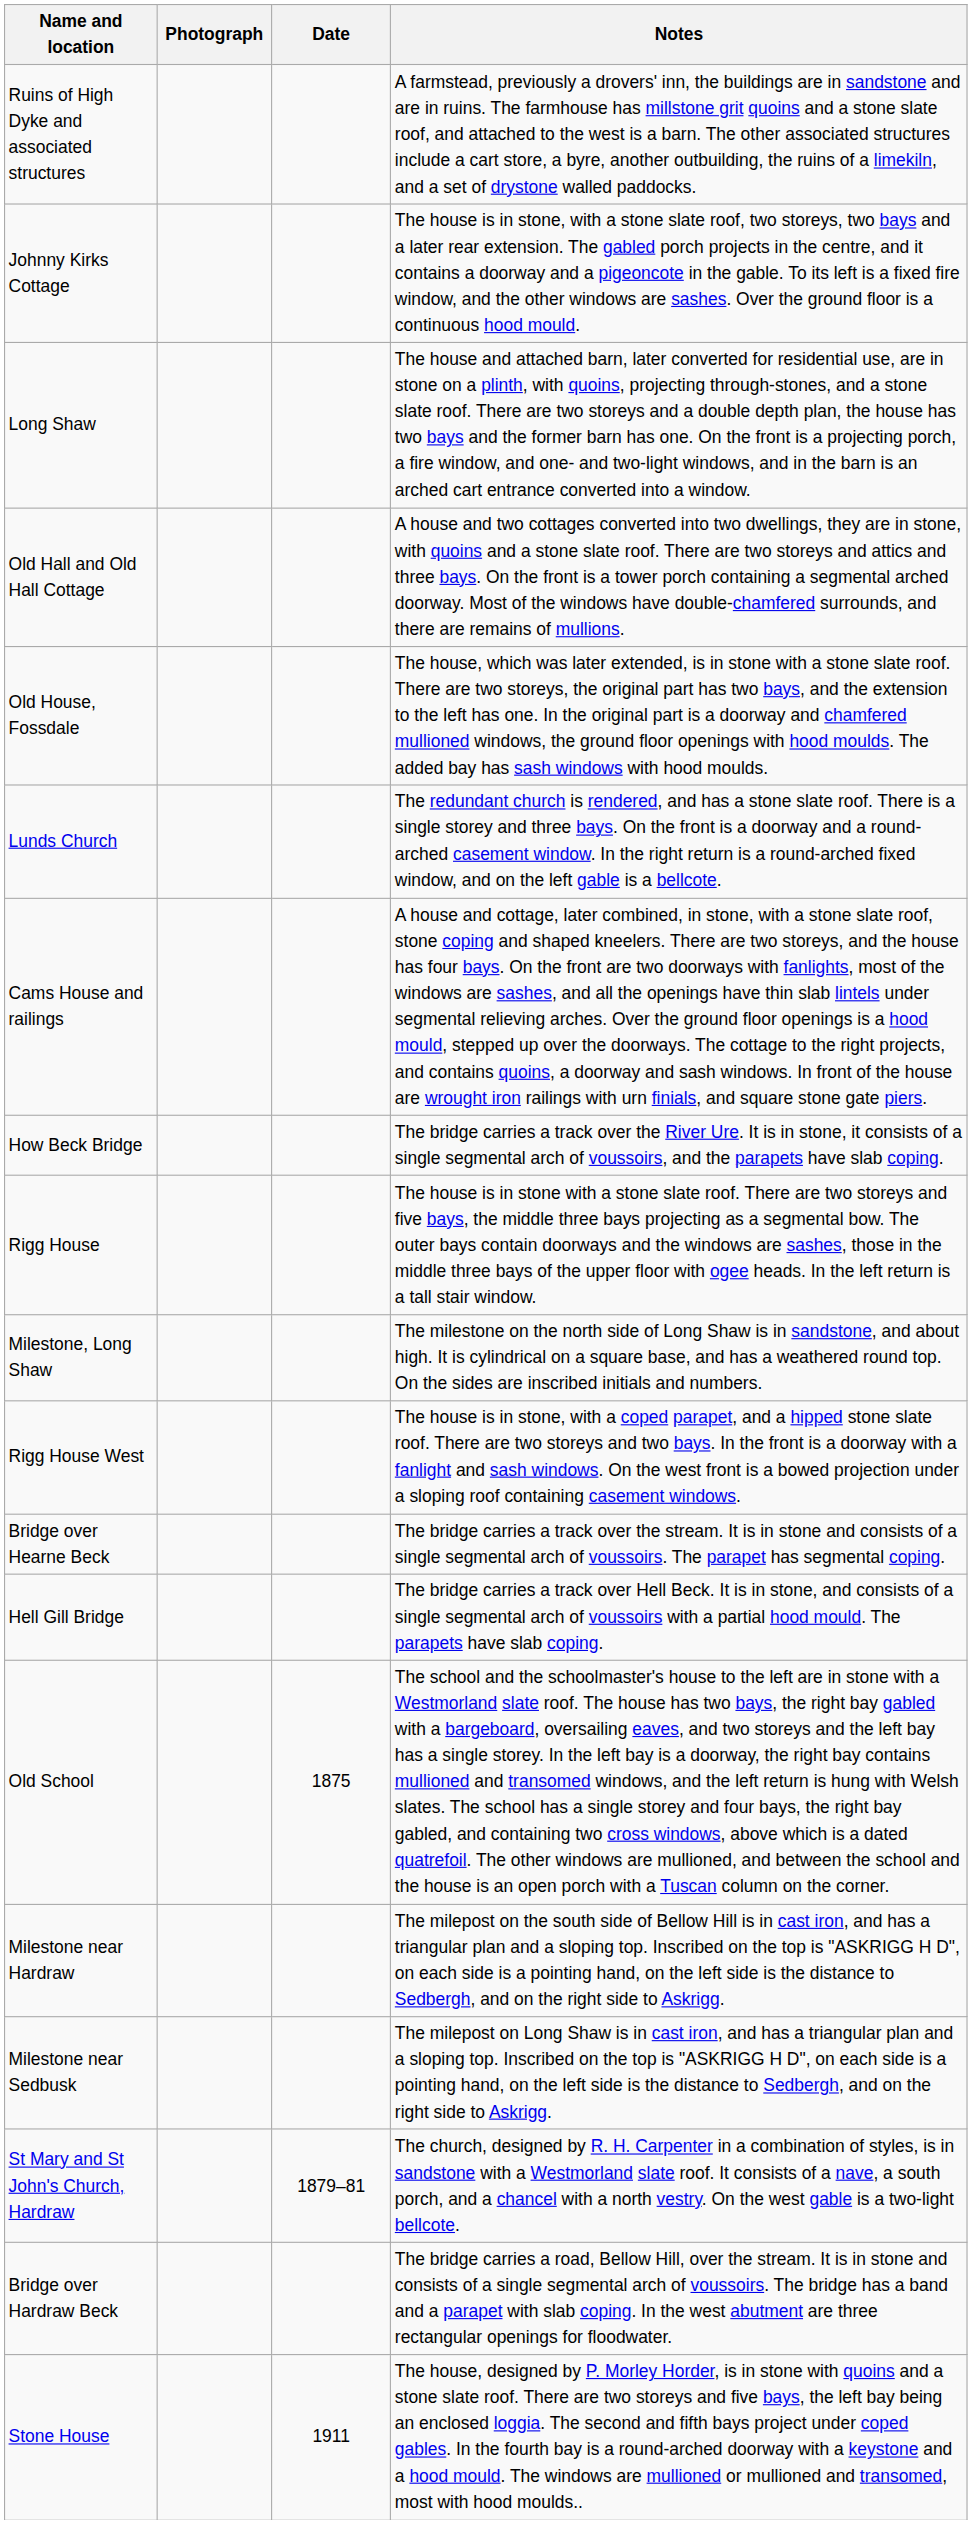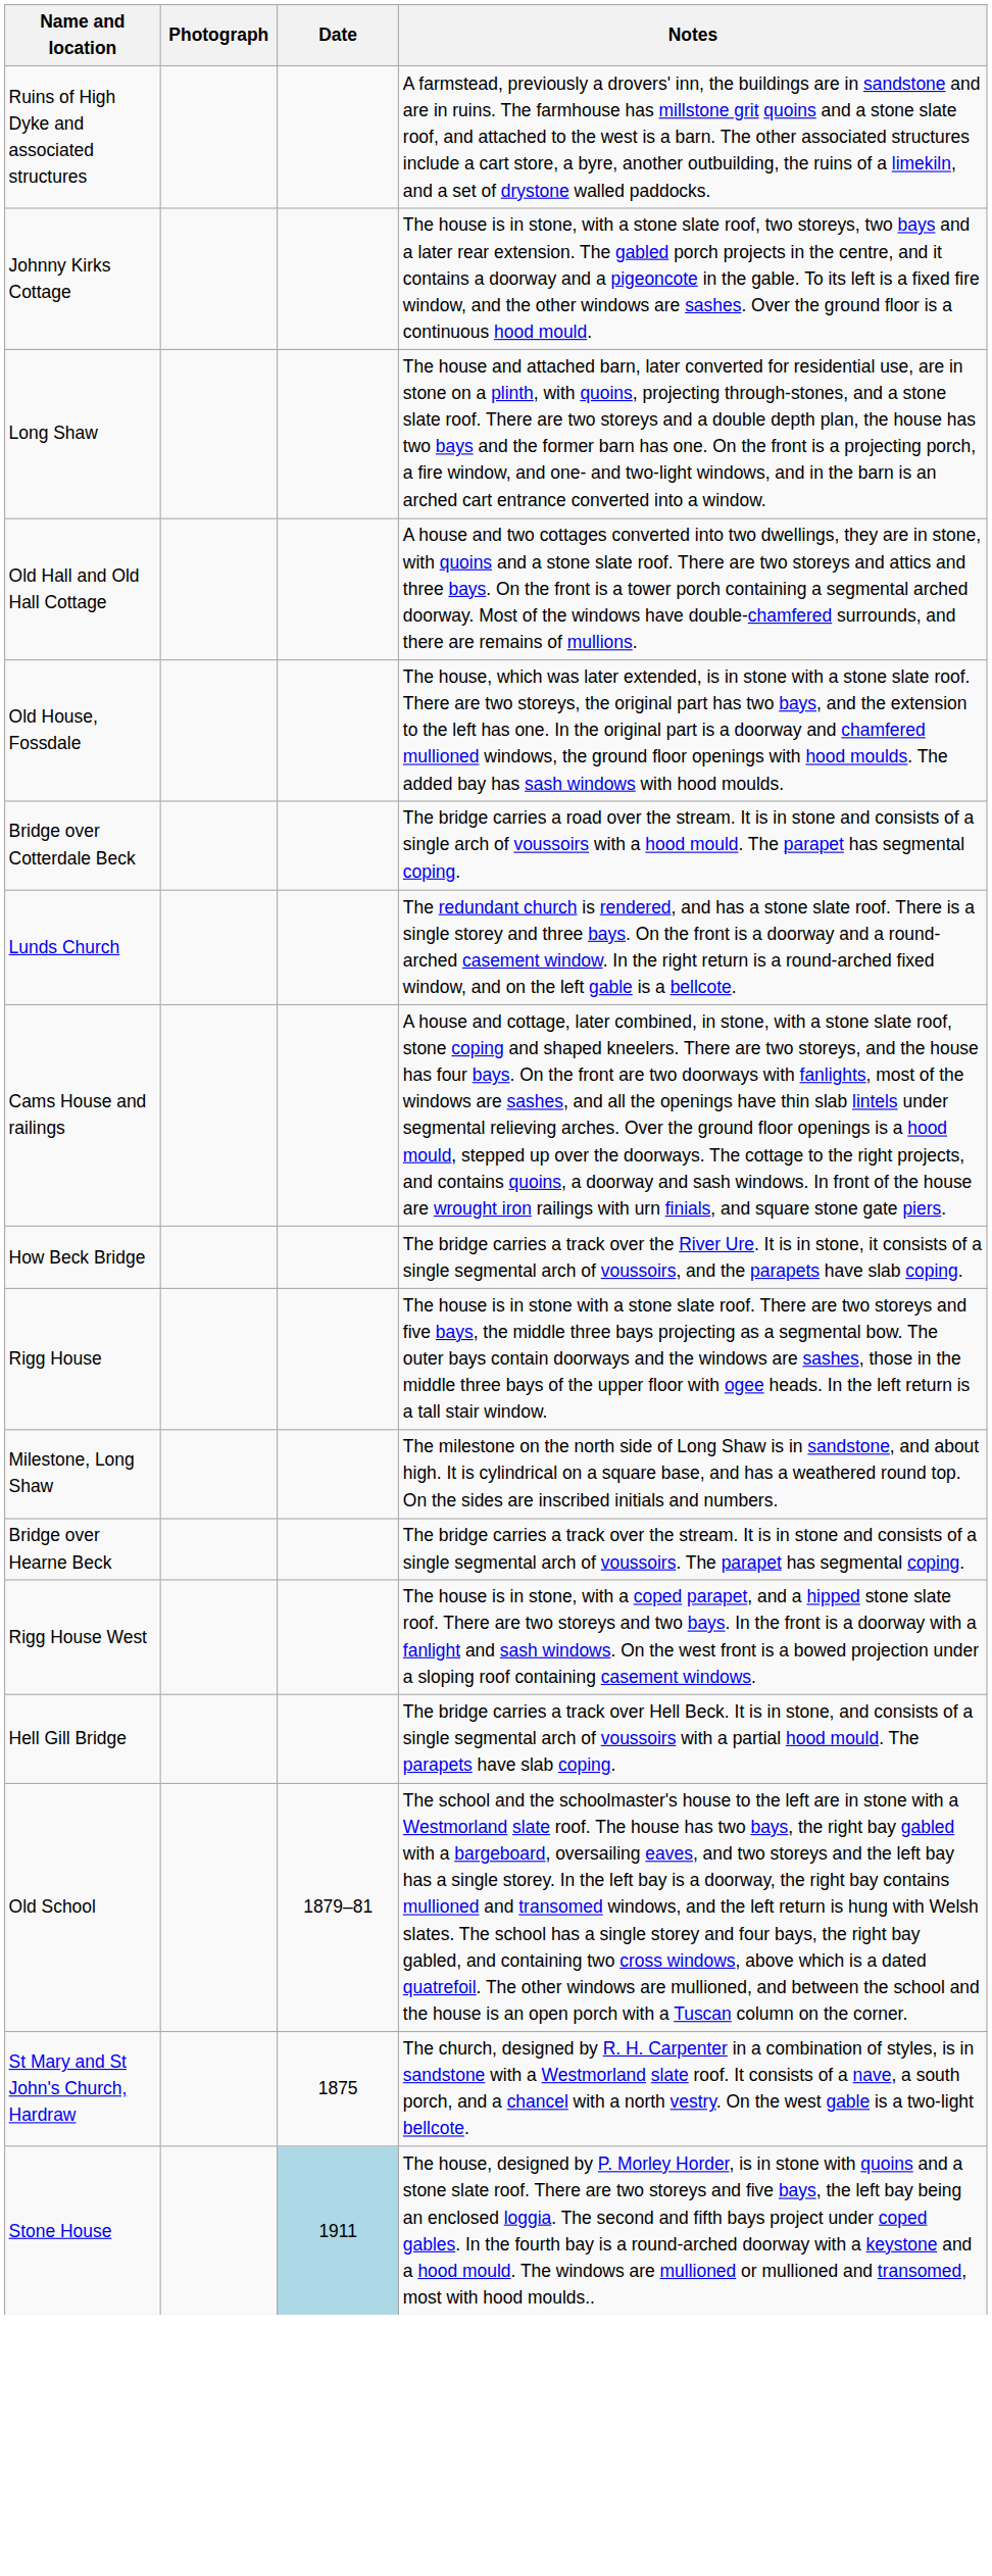 <table class="wikitable sortable plainrowheaders" style="width:100%;border:0px;text-align:left;line-height:150%;">
 <tr>
 <th scope="col"  style="width:150px">Name and location</th>
 <th scope="col"  style="width:100px" class="unsortable">Photograph</th>
 <th scope="col"  style="width:120px">Date</th>
 <th scope="col"  style="width:650px" class ="unsortable">Notes</th>
 </tr>
 <tr>
 <td>Ruins of High Dyke and associated structures<br><small></small></td>
 <td></td>
 <td align="center"></td>
 <td>A farmstead, previously a drovers' inn, the buildings are in <a href='#'>sandstone</a> and are in ruins. The farmhouse has <a href='#'>millstone grit</a> <a href='#'>quoins</a> and a stone slate roof, and attached to the west is a barn. The other associated structures include a cart store, a byre, another outbuilding, the ruins of a <a href='#'>limekiln</a>, and a set of <a href='#'>drystone</a> walled paddocks.</td>
 </tr>
 <tr>
 <td>Johnny Kirks Cottage<br><small></small></td>
 <td></td>
 <td align="center"></td>
 <td>The house is in stone, with a stone slate roof, two storeys, two <a href='#'>bays</a> and a later rear extension. The <a href='#'>gabled</a> porch projects in the centre, and it contains a doorway  and a <a href='#'>pigeoncote</a> in the gable. To its left is a fixed fire window, and the other windows are <a href='#'>sashes</a>. Over the ground floor is a continuous <a href='#'>hood mould</a>.</td>
 </tr>
 <tr>
 <td>Long Shaw<br><small></small></td>
 <td></td>
 <td align="center"></td>
 <td>The house and attached barn, later converted for residential use, are in stone on a <a href='#'>plinth</a>, with <a href='#'>quoins</a>, projecting through-stones, and a stone slate roof.  There are two storeys and a double depth plan, the house has two <a href='#'>bays</a> and the former barn has one. On the front is a projecting porch, a fire window, and one- and two-light windows, and in the barn is an arched cart entrance converted into a window.</td>
 </tr>
 <tr>
 <td>Old Hall and Old Hall Cottage<br><small></small></td>
 <td></td>
 <td align="center"></td>
 <td>A house and two cottages converted into two dwellings, they are in stone, with <a href='#'>quoins</a> and a stone slate roof. There are two storeys and attics and three <a href='#'>bays</a>. On the front is a tower porch containing a segmental arched doorway. Most of the windows have double-<a href='#'>chamfered</a> surrounds, and there are remains of <a href='#'>mullions</a>.</td>
 </tr>
 <tr>
 <td>Old House, Fossdale<br><small></small></td>
 <td></td>
 <td align="center"></td>
 <td>The house, which was later extended, is in stone with a stone slate roof. There are two storeys, the original part has two <a href='#'>bays</a>, and the extension to the left has one. In the original part is a doorway and <a href='#'>chamfered</a> <a href='#'>mullioned</a> windows, the ground floor openings with <a href='#'>hood moulds</a>. The added bay has <a href='#'>sash windows</a> with hood moulds.</td>
 </tr>
 <tr>
+<td>Bridge over Cotterdale Beck<br><small></small></td>
+<td></td>
+<td align="center"></td>
+<td>The bridge carries a road over the stream. It is in stone and consists of a single arch of <a href='#'>voussoirs</a> with a <a href='#'>hood mould</a>. The <a href='#'>parapet</a> has segmental <a href='#'>coping</a>.</td>
+</tr>
+<tr>
 <td><a href='#'>Lunds Church</a><br><small></small></td>
 <td></td>
 <td align="center"></td>
 <td>The <a href='#'>redundant church</a> is <a href='#'>rendered</a>, and has a stone slate roof. There is a single storey and three <a href='#'>bays</a>. On the front is a doorway and a round-arched <a href='#'>casement window</a>. In the right return is a round-arched fixed window, and on the left <a href='#'>gable</a> is a <a href='#'>bellcote</a>.</td>
 </tr>
 <tr>
 <td>Cams House and railings<br><small></small></td>
 <td></td>
 <td align="center"></td>
 <td>A house and cottage, later combined, in stone, with a stone slate roof, stone <a href='#'>coping</a> and shaped kneelers. There are two storeys, and the house has four <a href='#'>bays</a>. On the front are two doorways with <a href='#'>fanlights</a>, most of the windows are <a href='#'>sashes</a>, and all the openings have thin slab <a href='#'>lintels</a> under segmental relieving arches. Over the ground floor openings is a <a href='#'>hood mould</a>, stepped up over the doorways. The cottage to the right projects, and contains <a href='#'>quoins</a>, a doorway and sash windows. In front of the house are <a href='#'>wrought iron</a> railings with urn <a href='#'>finials</a>, and square stone gate <a href='#'>piers</a>.</td>
 </tr>
 <tr>
 <td>How Beck Bridge<br><small></small></td>
 <td></td>
 <td align="center"></td>
 <td>The bridge carries a track over the <a href='#'>River Ure</a>. It is in stone, it consists of a single segmental arch of <a href='#'>voussoirs</a>, and the <a href='#'>parapets</a> have slab <a href='#'>coping</a>.</td>
 </tr>
 <tr>
 <td>Rigg House<br><small></small></td>
 <td></td>
 <td align="center"></td>
 <td>The house is in stone with a stone slate roof. There are two storeys and five <a href='#'>bays</a>, the middle three bays projecting as a segmental bow. The outer bays contain doorways and the windows are <a href='#'>sashes</a>, those in the middle three bays of the upper floor with <a href='#'>ogee</a> heads. In the left return is a tall stair window.</td>
 </tr>
 <tr>
 <td>Milestone, Long Shaw<br><small></small></td>
 <td></td>
 <td align="center"></td>
 <td>The milestone on the north side of Long Shaw is in <a href='#'>sandstone</a>, and about  high. It is cylindrical on a square base, and has a weathered round top. On the sides are inscribed initials and numbers.</td>
 </tr>
 <tr>
+<td>Bridge over Hearne Beck<br><small></small></td>
+<td></td>
+<td align="center"></td>
+<td>The bridge carries a track over the stream. It is in stone and consists of a single segmental arch of <a href='#'>voussoirs</a>. The <a href='#'>parapet</a> has segmental <a href='#'>coping</a>.</td>
+</tr>
+<tr>
 <td>Rigg House West<br><small></small></td>
 <td></td>
 <td align="center"></td>
 <td>The house is in stone, with a <a href='#'>coped</a> <a href='#'>parapet</a>, and a <a href='#'>hipped</a> stone slate roof. There are two storeys and two <a href='#'>bays</a>. In the front is a doorway with a <a href='#'>fanlight</a> and <a href='#'>sash windows</a>. On the west front is a bowed projection under a sloping roof containing <a href='#'>casement windows</a>.</td>
-</tr>
-<tr>
-<td>Bridge over Hearne Beck<br><small></small></td>
-<td></td>
-<td align="center"></td>
-<td>The bridge carries a track over the stream. It is in stone and consists of a single segmental arch of <a href='#'>voussoirs</a>. The <a href='#'>parapet</a> has segmental <a href='#'>coping</a>.</td>
 </tr>
 <tr>
 <td>Hell Gill Bridge<br><small></small></td>
 <td></td>
 <td align="center"></td>
 <td>The bridge carries a track over Hell Beck. It is in stone, and consists of a single segmental arch of <a href='#'>voussoirs</a> with a partial <a href='#'>hood mould</a>. The <a href='#'>parapets</a> have slab <a href='#'>coping</a>.</td>
 </tr>
 <tr>
 <td>Old School<br><small></small></td>
 <td></td>
-<td align="center">1875</td>
+<td align="center">1879–81</td>
 <td>The school and the schoolmaster's house to the left are in stone with a <a href='#'>Westmorland</a> <a href='#'>slate</a> roof. The house has two <a href='#'>bays</a>, the right bay <a href='#'>gabled</a> with a <a href='#'>bargeboard</a>, oversailing <a href='#'>eaves</a>, and two storeys and the left bay has a single storey. In the left bay is a doorway, the right bay contains <a href='#'>mullioned</a> and <a href='#'>transomed</a> windows, and the left return is hung with Welsh slates. The school has a single storey and four bays, the right bay gabled, and containing two <a href='#'>cross windows</a>, above which is a dated <a href='#'>quatrefoil</a>. The other windows are mullioned, and between the school and the house is an open porch with a <a href='#'>Tuscan</a> column on the corner.</td>
-</tr>
-<tr>
-<td>Milestone near Hardraw<br><small></small></td>
-<td></td>
-<td align="center"></td>
-<td>The milepost on the south side of Bellow Hill is in <a href='#'>cast iron</a>, and has a triangular plan and a sloping top. Inscribed on the top is "ASKRIGG H D", on each side is a pointing hand, on the left side is the distance to <a href='#'>Sedbergh</a>, and on the right side to <a href='#'>Askrigg</a>.</td>
-</tr>
-<tr>
-<td>Milestone near Sedbusk<br><small></small></td>
-<td></td>
-<td align="center"></td>
-<td>The milepost on Long Shaw is in <a href='#'>cast iron</a>, and has a triangular plan and a sloping top. Inscribed on the top is "ASKRIGG H D", on each side is a pointing hand, on the left side is the distance to <a href='#'>Sedbergh</a>, and on the right side to <a href='#'>Askrigg</a>.</td>
 </tr>
 <tr>
 <td><a href='#'>St Mary and St John's Church, Hardraw</a><br><small></small></td>
 <td></td>
-<td align="center">1879–81</td>
+<td align="center">1875</td>
 <td>The church, designed by <a href='#'>R. H. Carpenter</a> in a combination of styles, is in <a href='#'>sandstone</a> with a <a href='#'>Westmorland</a> <a href='#'>slate</a> roof. It consists of a <a href='#'>nave</a>, a south porch, and a <a href='#'>chancel</a> with a north <a href='#'>vestry</a>.  On the west <a href='#'>gable</a> is a two-light <a href='#'>bellcote</a>.</td>
-</tr>
-<tr>
-<td>Bridge over Hardraw Beck<br><small></small></td>
-<td></td>
-<td align="center"></td>
-<td>The bridge carries a road, Bellow Hill, over the stream. It is in stone and consists of a single segmental arch of <a href='#'>voussoirs</a>. The bridge has a band and a <a href='#'>parapet</a> with slab <a href='#'>coping</a>. In the west <a href='#'>abutment</a> are three rectangular openings for floodwater.</td>
 </tr>
 <tr>
 <td><a href='#'>Stone House</a><br><small></small></td>
 <td></td>
-<td align="center">1911</td>
+<td align="center" style="background: lightblue;">1911</td>
 <td>The house, designed by <a href='#'>P. Morley Horder</a>, is in stone with <a href='#'>quoins</a> and a stone slate roof. There are two storeys and five <a href='#'>bays</a>, the left bay being an enclosed <a href='#'>loggia</a>. The second and fifth bays project under <a href='#'>coped</a> <a href='#'>gables</a>. In the fourth bay is a round-arched doorway with a <a href='#'>keystone</a> and a <a href='#'>hood mould</a>. The windows are <a href='#'>mullioned</a> or mullioned and <a href='#'>transomed</a>, most with hood moulds..</td>
 </tr>
 <tr>
 </tr>
 </table>
